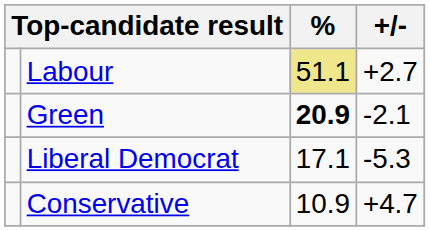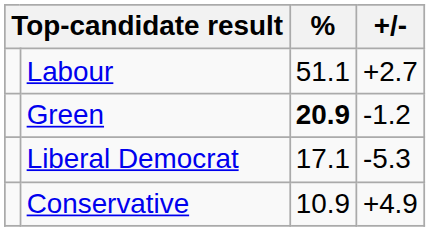 <table class="wikitable">
 <tr>
 <th colspan="2">Top-candidate result</th>
 <th>%</th>
 <th>+/-</th>
 </tr>
 <tr>
 <td style="background-color: "></td>
 <td><a href='#'>Labour</a></td>
-<td style="background: khaki;">51.1</td>
+<td>51.1</td>
 <td>+2.7</td>
 </tr>
 <tr>
 <td style="background-color: "></td>
 <td><a href='#'>Green</a></td>
 <td><strong>20.9</strong></td>
-<td>-2.1</td>
+<td>-1.2</td>
 </tr>
 <tr>
 <td style="background-color: "></td>
 <td><a href='#'>Liberal Democrat</a></td>
 <td>17.1</td>
 <td>-5.3</td>
 </tr>
 <tr>
 <td style="background-color: "></td>
 <td><a href='#'>Conservative</a></td>
 <td>10.9</td>
-<td>+4.7</td>
+<td>+4.9</td>
 </tr>
 </table>
